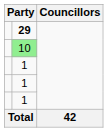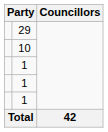 <table class="wikitable">
 <tr>
 <th colspan=2>Party</th>
 <th>Councillors</th>
 </tr>
 <tr>
 <td></td>
-<td align=center><strong>29</strong></td>
+<td align=center>29</td>
 </tr>
 <tr>
 <td></td>
-<td align=center style="background: lightgreen;">10</td>
+<td align=center>10</td>
 </tr>
 <tr>
 <td></td>
 <td align=center>1</td>
 </tr>
 <tr>
 <td></td>
 <td align=center>1</td>
 </tr>
 <tr>
 <td></td>
 <td align=center>1</td>
 </tr>
 <tr>
 <th colspan=2>Total</th>
 <th align=center>42</th>
 </tr>
 </table>
